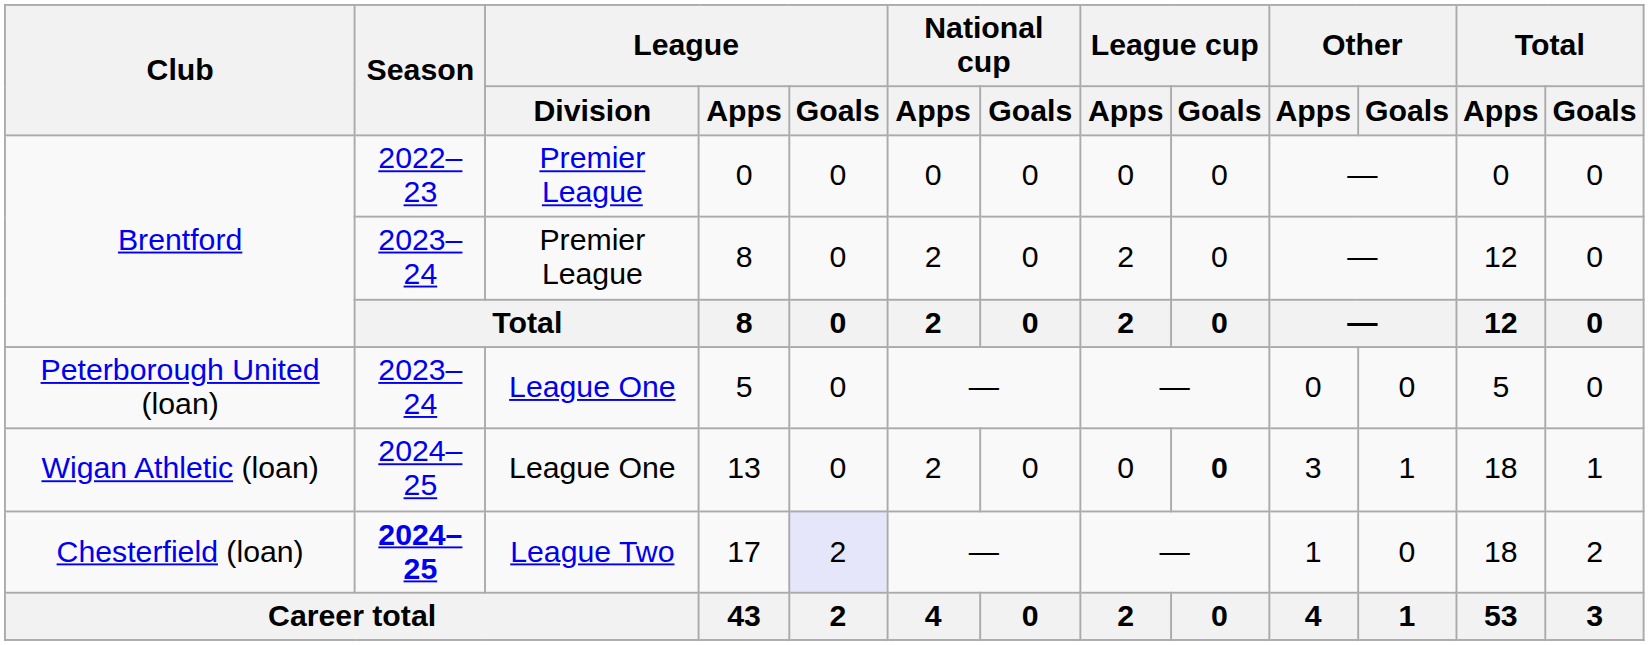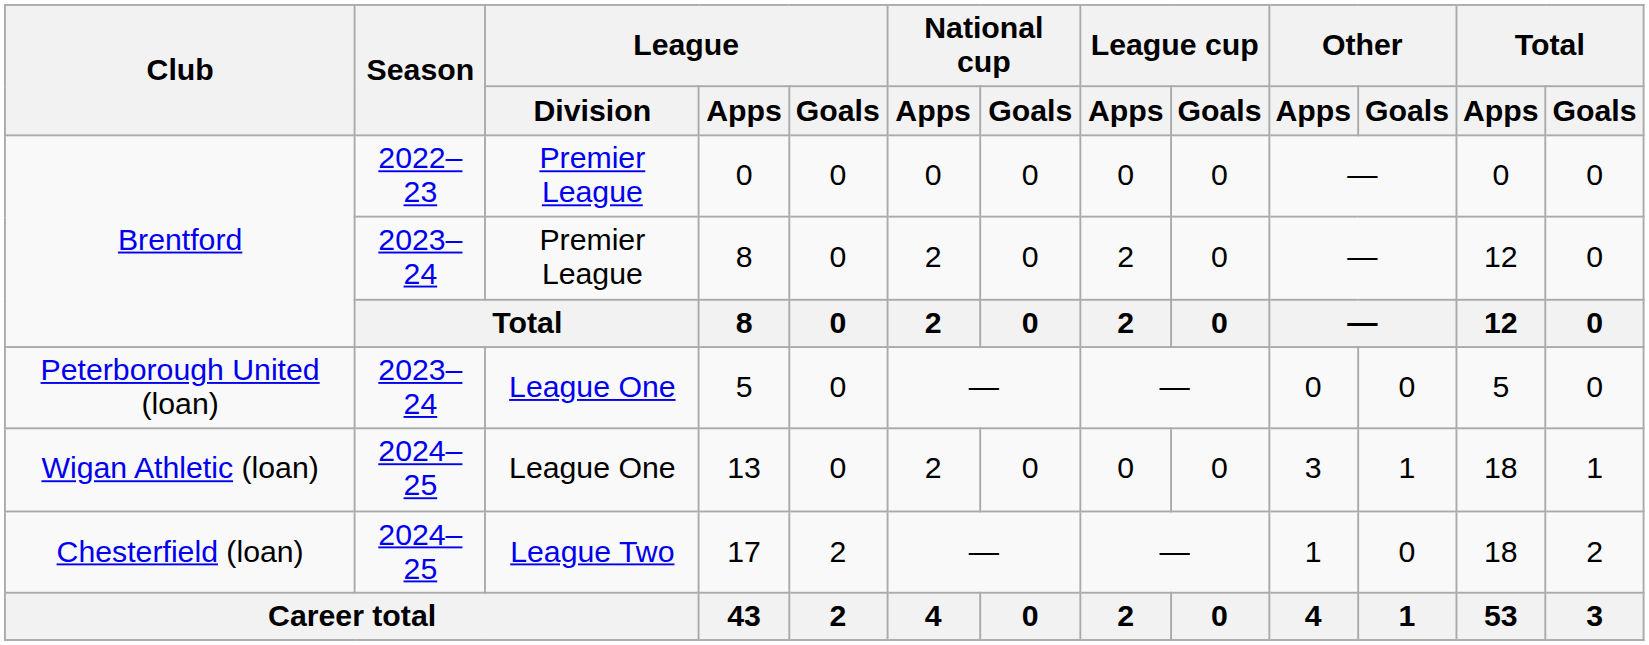 <table class="wikitable" style="text-align:center">
 <tr>
 <th rowspan="2">Club</th>
 <th rowspan="2">Season</th>
 <th colspan="3">League</th>
 <th colspan="2">National cup</th>
 <th colspan="2">League cup</th>
 <th colspan="2">Other</th>
 <th colspan="2">Total</th>
 </tr>
 <tr>
 <th>Division</th>
 <th>Apps</th>
 <th>Goals</th>
 <th>Apps</th>
 <th>Goals</th>
 <th>Apps</th>
 <th>Goals</th>
 <th>Apps</th>
 <th>Goals</th>
 <th>Apps</th>
 <th>Goals</th>
 </tr>
 <tr>
 <td rowspan="3"><a href='#'>Brentford</a></td>
 <td><a href='#'>2022–23</a></td>
 <td><a href='#'>Premier League</a></td>
 <td>0</td>
 <td>0</td>
 <td>0</td>
 <td>0</td>
 <td>0</td>
 <td>0</td>
 <td colspan="2">―</td>
 <td>0</td>
 <td>0</td>
 </tr>
 <tr>
 <td><a href='#'>2023–24</a></td>
 <td>Premier League</td>
 <td>8</td>
 <td>0</td>
 <td>2</td>
 <td>0</td>
 <td>2</td>
 <td>0</td>
 <td colspan="2">―</td>
 <td>12</td>
 <td>0</td>
 </tr>
 <tr>
 <th colspan="2">Total</th>
 <th>8</th>
 <th>0</th>
 <th>2</th>
 <th>0</th>
 <th>2</th>
 <th>0</th>
 <th colspan="2">―</th>
 <th>12</th>
 <th>0</th>
 </tr>
 <tr>
 <td><a href='#'>Peterborough United</a> (loan)</td>
 <td><a href='#'>2023–24</a></td>
 <td><a href='#'>League One</a></td>
 <td>5</td>
 <td>0</td>
 <td colspan="2">―</td>
 <td colspan="2">―</td>
 <td>0</td>
 <td>0</td>
 <td>5</td>
 <td>0</td>
 </tr>
 <tr>
 <td><a href='#'>Wigan Athletic</a> (loan)</td>
 <td><a href='#'>2024–25</a></td>
 <td>League One</td>
 <td>13</td>
 <td>0</td>
 <td>2</td>
 <td>0</td>
 <td>0</td>
-<td><strong>0</strong></td>
+<td>0</td>
 <td>3</td>
 <td>1</td>
 <td>18</td>
 <td>1</td>
 </tr>
 <tr>
 <td><a href='#'>Chesterfield</a> (loan)</td>
-<td><strong><a href='#'>2024–25</a></strong></td>
+<td><a href='#'>2024–25</a></td>
 <td><a href='#'>League Two</a></td>
 <td>17</td>
-<td style="background: lavender;">2</td>
+<td>2</td>
 <td colspan="2">―</td>
 <td colspan="2">―</td>
 <td>1</td>
 <td>0</td>
 <td>18</td>
 <td>2</td>
 </tr>
 <tr>
 <th colspan="3">Career total</th>
 <th>43</th>
 <th>2</th>
 <th>4</th>
 <th>0</th>
 <th>2</th>
 <th>0</th>
 <th>4</th>
 <th>1</th>
 <th>53</th>
 <th>3</th>
 </tr>
 </table>
